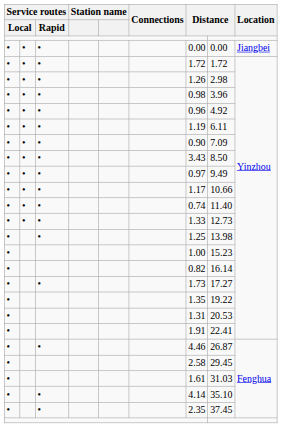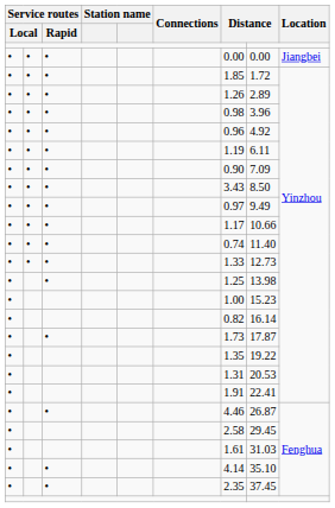 <table class="wikitable">
 <tr>
 <th colspan="3">Service routes</th>
 <th colspan="2">Station name</th>
 <th rowspan="2">Connections</th>
 <th colspan="2" rowspan="2">Distance<br></th>
 <th rowspan="2">Location</th>
 </tr>
 <tr>
 <th colspan="2">Local</th>
 <th>Rapid</th>
 <th></th>
 <th></th>
 </tr>
 <tr style="background:#">
 <td colspan="7"></td>
 </tr>
 <tr>
 <td>•</td>
 <td>•</td>
 <td>•</td>
 <td></td>
 <td></td>
 <td></td>
 <td>0.00</td>
 <td>0.00</td>
 <td><a href='#'>Jiangbei</a></td>
 </tr>
 <tr>
 <td>•</td>
 <td>•</td>
 <td>•</td>
 <td></td>
 <td></td>
 <td></td>
-<td>1.72</td>
+<td>1.85</td>
 <td>1.72</td>
 <td rowspan="14" style="border-bottom:solid 0;"><a href='#'>Yinzhou</a></td>
 </tr>
 <tr>
 <td>•</td>
 <td>•</td>
 <td>•</td>
 <td></td>
 <td></td>
 <td></td>
 <td>1.26</td>
-<td>2.98</td>
+<td>2.89</td>
 </tr>
 <tr>
 <td>•</td>
 <td>•</td>
 <td>•</td>
 <td></td>
 <td></td>
 <td></td>
 <td>0.98</td>
 <td>3.96</td>
 </tr>
 <tr>
 <td>•</td>
 <td>•</td>
 <td>•</td>
 <td></td>
 <td></td>
 <td></td>
 <td>0.96</td>
 <td>4.92</td>
 </tr>
 <tr>
 <td>•</td>
 <td>•</td>
 <td>•</td>
 <td></td>
 <td></td>
 <td></td>
 <td>1.19</td>
 <td>6.11</td>
 </tr>
 <tr>
 <td>•</td>
 <td>•</td>
 <td>•</td>
 <td></td>
 <td></td>
 <td></td>
 <td>0.90</td>
 <td>7.09</td>
 </tr>
 <tr>
 <td>•</td>
 <td>•</td>
 <td>•</td>
 <td></td>
 <td></td>
 <td></td>
 <td>3.43</td>
 <td>8.50</td>
 </tr>
 <tr>
 <td>•</td>
 <td>•</td>
 <td>•</td>
 <td></td>
 <td></td>
 <td></td>
 <td>0.97</td>
 <td>9.49</td>
 </tr>
 <tr>
 <td>•</td>
 <td>•</td>
 <td>•</td>
 <td></td>
 <td></td>
 <td></td>
 <td>1.17</td>
 <td>10.66</td>
 </tr>
 <tr>
 <td>•</td>
 <td>•</td>
 <td>•</td>
 <td></td>
 <td></td>
 <td></td>
 <td>0.74</td>
 <td>11.40</td>
 </tr>
 <tr>
 <td>•</td>
 <td>•</td>
 <td>•</td>
 <td></td>
 <td></td>
 <td></td>
 <td>1.33</td>
 <td>12.73</td>
 </tr>
 <tr>
 <td>•</td>
 <td></td>
 <td>•</td>
 <td></td>
 <td></td>
 <td></td>
 <td>1.25</td>
 <td>13.98</td>
 </tr>
 <tr>
 <td>•</td>
 <td></td>
 <td></td>
 <td></td>
 <td></td>
 <td></td>
 <td>1.00</td>
 <td>15.23</td>
 </tr>
 <tr>
 <td>•</td>
 <td></td>
 <td></td>
 <td></td>
 <td></td>
 <td></td>
 <td>0.82</td>
 <td>16.14</td>
 </tr>
 <tr>
 <td>•</td>
 <td></td>
 <td>•</td>
 <td></td>
 <td></td>
 <td></td>
 <td>1.73</td>
-<td>17.27</td>
+<td>17.87</td>
 <td rowspan="4" style="border-top:solid 0;"></td>
 </tr>
 <tr>
 <td>•</td>
 <td></td>
 <td></td>
 <td></td>
 <td></td>
 <td></td>
 <td>1.35</td>
 <td>19.22</td>
 </tr>
 <tr>
 <td>•</td>
 <td></td>
 <td></td>
 <td></td>
 <td></td>
 <td></td>
 <td>1.31</td>
 <td>20.53</td>
 </tr>
 <tr>
 <td>•</td>
 <td></td>
 <td></td>
 <td></td>
 <td></td>
 <td></td>
 <td>1.91</td>
 <td>22.41</td>
 </tr>
 <tr>
 <td>•</td>
 <td></td>
 <td>•</td>
 <td></td>
 <td></td>
 <td></td>
 <td>4.46</td>
 <td>26.87</td>
 <td rowspan="5"><a href='#'>Fenghua</a></td>
 </tr>
 <tr>
 <td>•</td>
 <td></td>
 <td></td>
 <td></td>
 <td></td>
 <td></td>
 <td>2.58</td>
 <td>29.45</td>
 </tr>
 <tr>
 <td>•</td>
 <td></td>
 <td></td>
 <td></td>
 <td></td>
 <td></td>
 <td>1.61</td>
 <td>31.03</td>
 </tr>
 <tr>
 <td>•</td>
 <td></td>
 <td>•</td>
 <td></td>
 <td></td>
 <td></td>
 <td>4.14</td>
 <td>35.10</td>
 </tr>
 <tr>
 <td>•</td>
 <td></td>
 <td>•</td>
 <td></td>
 <td></td>
 <td></td>
 <td>2.35</td>
 <td>37.45</td>
 </tr>
 <tr style="background:#">
 <td colspan="7"></td>
 </tr>
 </table>
